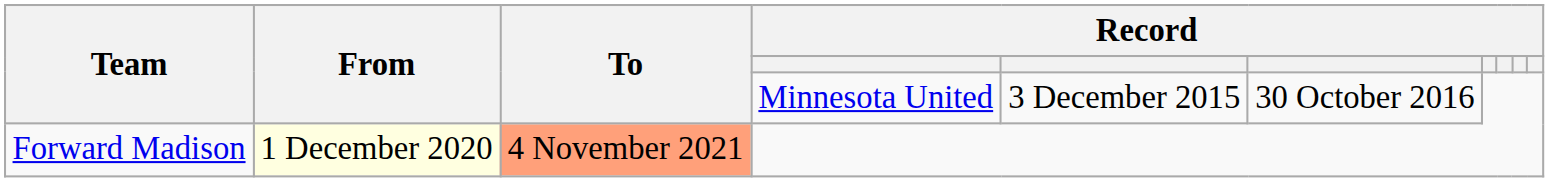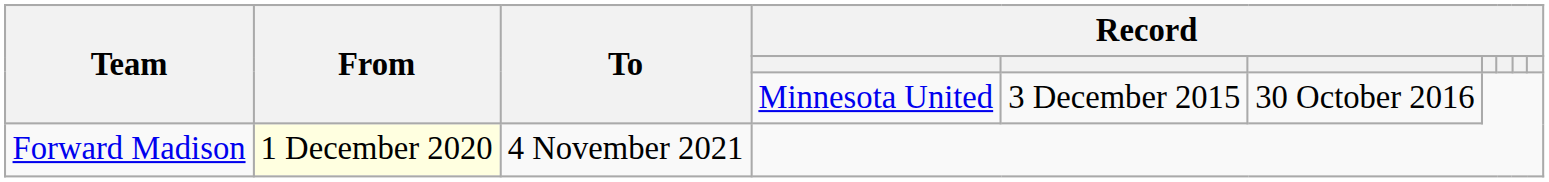 <table class="wikitable sortable" style="text-align: center">
 <tr>
 <th rowspan=3>Team</th>
 <th rowspan=3>From</th>
 <th rowspan=3>To</th>
 <th colspan=7>Record</th>
 </tr>
 <tr>
 <th></th>
 <th></th>
 <th></th>
 <th></th>
 <th></th>
 <th></th>
 <th></th>
 </tr>
 <tr>
 <td align=left><a href='#'>Minnesota United</a></td>
 <td align=left>3 December 2015</td>
 <td align=left>30 October 2016<br></td>
 </tr>
 <tr>
 <td align=left><a href='#'>Forward Madison</a></td>
 <td align=left style="background: lightyellow;">1 December 2020</td>
-<td align=left style="background: lightsalmon;">4 November 2021<br></td>
+<td align=left>4 November 2021<br></td>
 </tr>
 </table>
